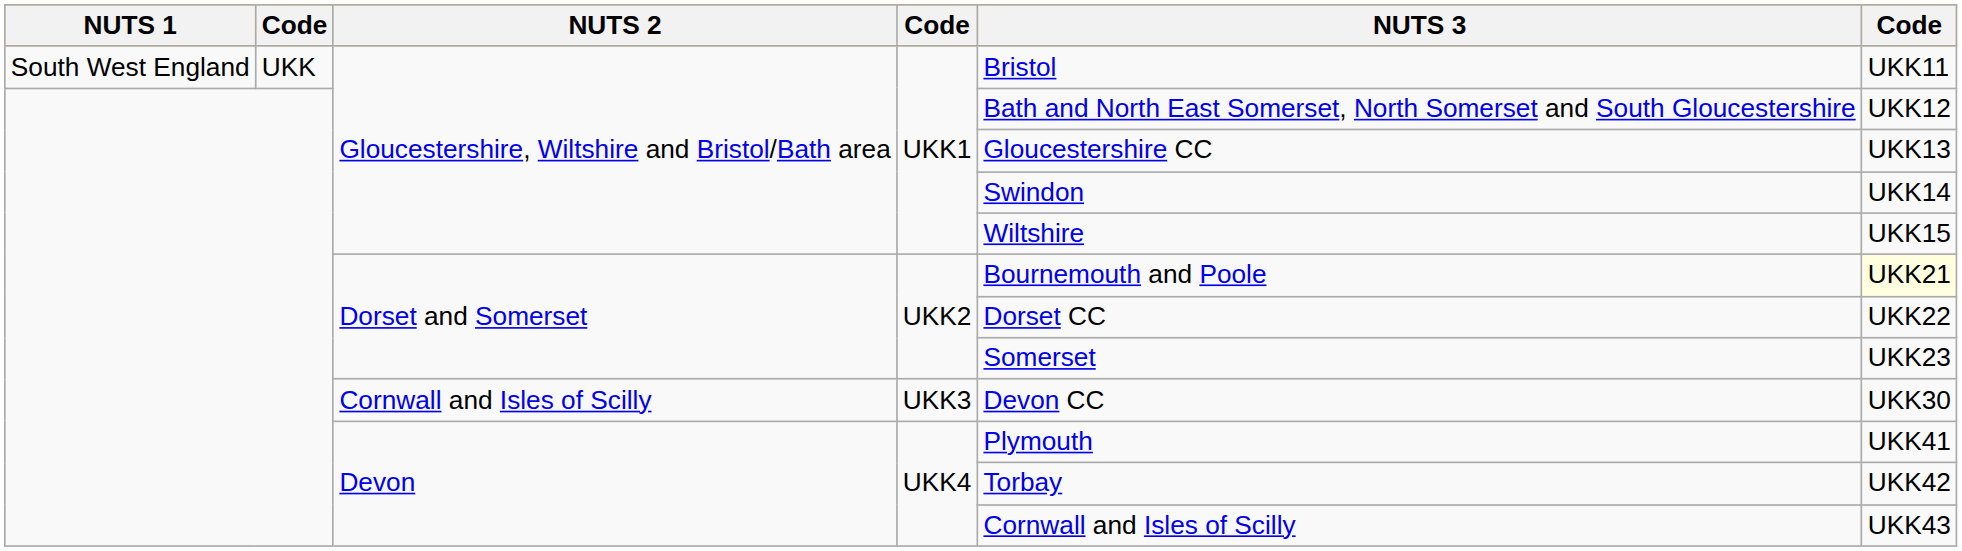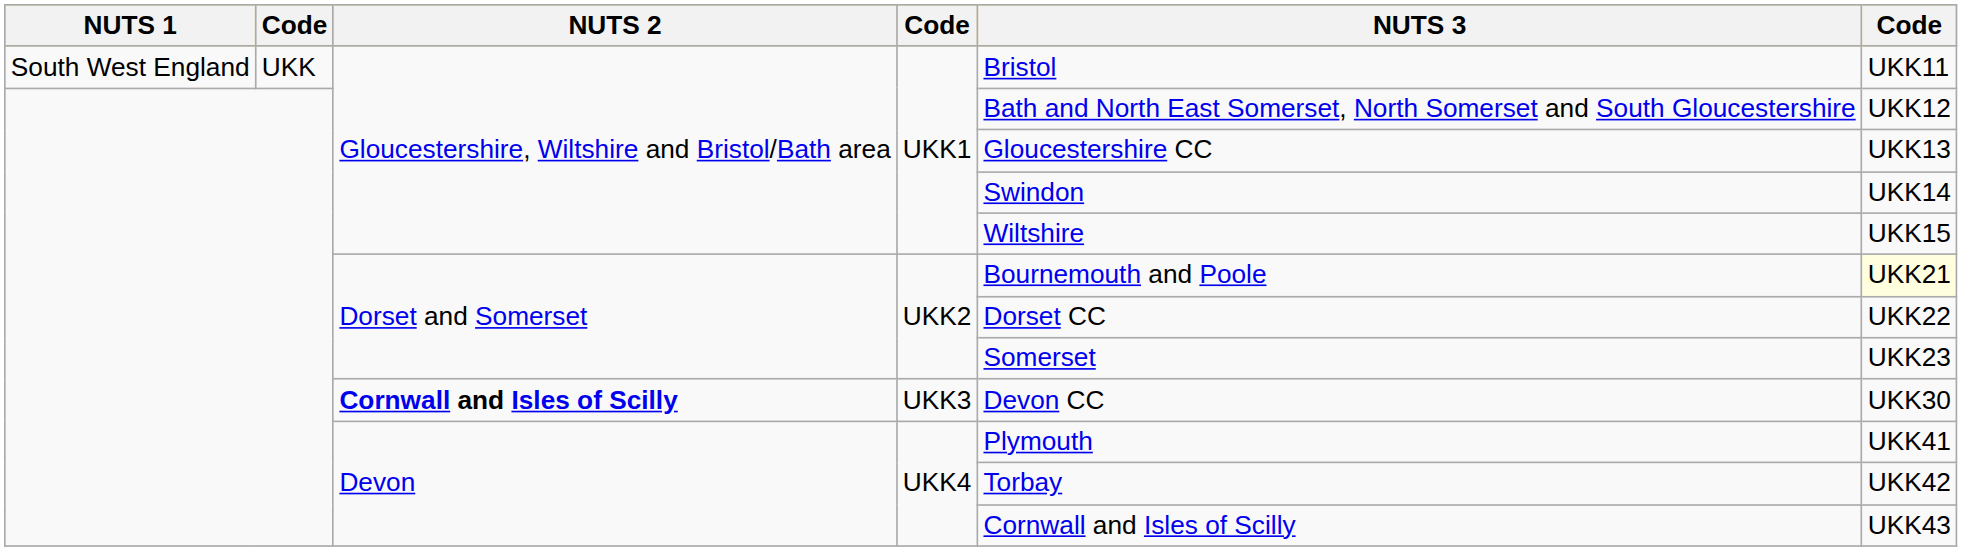 <table class="wikitable">
 <tr style="background:gold; text-align:left;">
 <th>NUTS 1</th>
 <th>Code</th>
 <th>NUTS 2</th>
 <th>Code</th>
 <th>NUTS 3</th>
 <th>Code</th>
 </tr>
 <tr>
 <td>South West England</td>
 <td>UKK</td>
 <td rowspan=5><a href='#'>Gloucestershire</a>, <a href='#'>Wiltshire</a> and <a href='#'>Bristol</a>/<a href='#'>Bath</a> area</td>
 <td rowspan=5>UKK1</td>
 <td><a href='#'>Bristol</a></td>
 <td>UKK11</td>
 </tr>
 <tr>
 <td rowspan="11" colspan="2" style="text-align:center;"></td>
 <td><a href='#'>Bath and North East Somerset</a>, <a href='#'>North Somerset</a> and <a href='#'>South Gloucestershire</a></td>
 <td>UKK12</td>
 </tr>
 <tr>
 <td><a href='#'>Gloucestershire</a> CC</td>
 <td>UKK13</td>
 </tr>
 <tr>
 <td><a href='#'>Swindon</a></td>
 <td>UKK14</td>
 </tr>
 <tr>
 <td><a href='#'>Wiltshire</a></td>
 <td>UKK15</td>
 </tr>
 <tr>
 <td rowspan=3><a href='#'>Dorset</a> and <a href='#'>Somerset</a></td>
 <td rowspan=3>UKK2</td>
 <td><a href='#'>Bournemouth</a> and <a href='#'>Poole</a></td>
 <td style="background: lightyellow;">UKK21</td>
 </tr>
 <tr>
 <td><a href='#'>Dorset</a> CC</td>
 <td>UKK22</td>
 </tr>
 <tr>
 <td><a href='#'>Somerset</a></td>
 <td>UKK23</td>
 </tr>
 <tr>
-<td><a href='#'>Cornwall</a> and <a href='#'>Isles of Scilly</a></td>
+<td><strong><a href='#'>Cornwall</a> and <a href='#'>Isles of Scilly</a></strong></td>
 <td>UKK3</td>
 <td><a href='#'>Devon</a> CC</td>
 <td>UKK30</td>
 </tr>
 <tr>
 <td rowspan=3><a href='#'>Devon</a></td>
 <td rowspan=3>UKK4</td>
 <td><a href='#'>Plymouth</a></td>
 <td>UKK41</td>
 </tr>
 <tr>
 <td><a href='#'>Torbay</a></td>
 <td>UKK42</td>
 </tr>
 <tr>
 <td><a href='#'>Cornwall</a> and <a href='#'>Isles of Scilly</a></td>
 <td>UKK43</td>
 </tr>
 </table>
